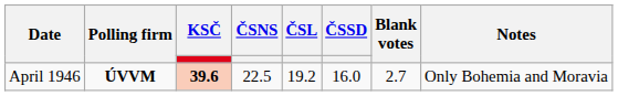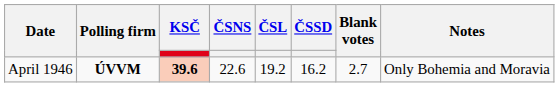 <table class="wikitable" style="text-align:center; font-size:85%; line-height:16px;">
 <tr style="height:42px;">
 <th rowspan=2>Date</th>
 <th rowspan=2>Polling firm</th>
 <th><a href='#'><span>KSČ</span></a></th>
 <th><a href='#'><span>ČSNS</span></a></th>
 <th><a href='#'><span>ČSL</span></a></th>
 <th><a href='#'><span>ČSSD</span></a></th>
 <th rowspan="2">Blank<br>votes</th>
 <th rowspan="2">Notes</th>
 </tr>
 <tr>
 <th style="background:#E00219; width:40px;"></th>
 <th style="background:"></th>
 <th style="background:"></th>
 <th style="background:"></th>
 </tr>
 <tr>
 <td>April 1946</td>
 <td><strong>ÚVVM</strong></td>
 <td style="background:#FACDBA"><strong>39.6</strong></td>
-<td>22.5</td>
+<td>22.6</td>
 <td>19.2</td>
-<td>16.0</td>
+<td>16.2</td>
 <td>2.7</td>
 <td>Only Bohemia and Moravia</td>
 </tr>
 </table>
